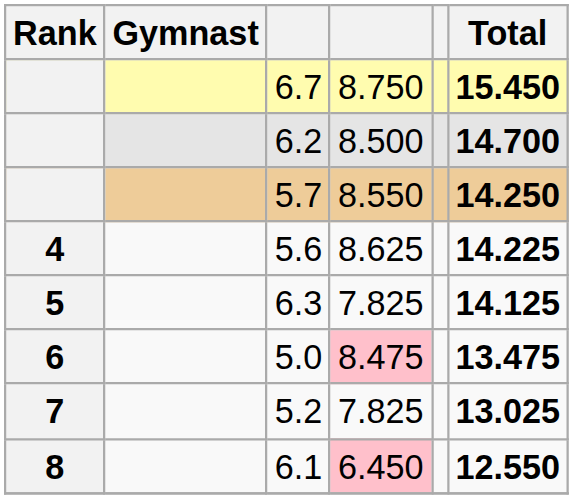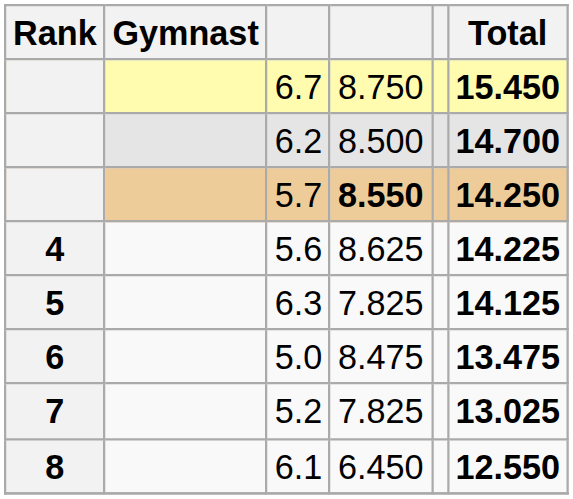 <table class="wikitable sortable" style="text-align:center; font-size:95%">
 <tr>
 <th scope=col>Rank</th>
 <th scope=col>Gymnast</th>
 <th scope=col></th>
 <th scope=col></th>
 <th scope=col></th>
 <th scope=col>Total</th>
 </tr>
 <tr bgcolor=fffcaf>
 <th scope=row style="text-align:center"></th>
 <td align=left></td>
 <td>6.7</td>
 <td>8.750</td>
 <td></td>
 <td><strong>15.450</strong></td>
 </tr>
 <tr bgcolor=e5e5e5>
 <th scope=row style="text-align:center"></th>
 <td align=left></td>
 <td>6.2</td>
 <td>8.500</td>
 <td></td>
 <td><strong>14.700</strong></td>
 </tr>
 <tr bgcolor=eecc99>
 <th scope=row style="text-align:center"></th>
 <td align=left></td>
 <td>5.7</td>
-<td>8.550</td>
+<td><strong>8.550</strong></td>
 <td></td>
 <td><strong>14.250</strong></td>
 </tr>
 <tr>
 <th scope=row style="text-align:center">4</th>
 <td align=left></td>
 <td>5.6</td>
 <td>8.625</td>
 <td></td>
 <td><strong>14.225</strong></td>
 </tr>
 <tr>
 <th scope=row style="text-align:center">5</th>
 <td align=left></td>
 <td>6.3</td>
 <td>7.825</td>
 <td></td>
 <td><strong>14.125</strong></td>
 </tr>
 <tr>
 <th scope=row style="text-align:center">6</th>
 <td align=left></td>
 <td>5.0</td>
-<td style="background: pink;">8.475</td>
+<td>8.475</td>
 <td></td>
 <td><strong>13.475</strong></td>
 </tr>
 <tr>
 <th scope=row style="text-align:center">7</th>
 <td align=left></td>
 <td>5.2</td>
 <td>7.825</td>
 <td></td>
 <td><strong>13.025</strong></td>
 </tr>
 <tr>
 <th scope=row style="text-align:center">8</th>
 <td align=left></td>
 <td>6.1</td>
-<td style="background: pink;">6.450</td>
+<td>6.450</td>
 <td></td>
 <td><strong>12.550</strong></td>
 </tr>
 <tr>
 </tr>
 </table>
